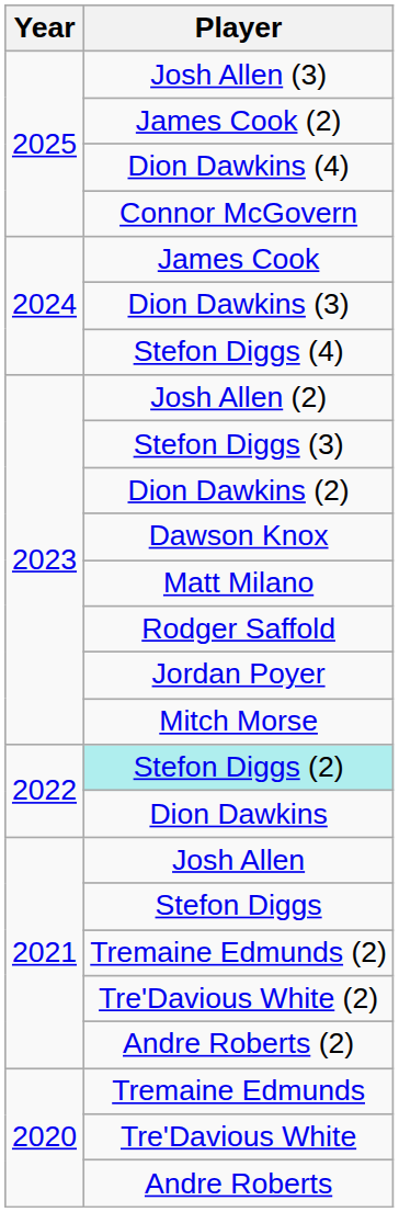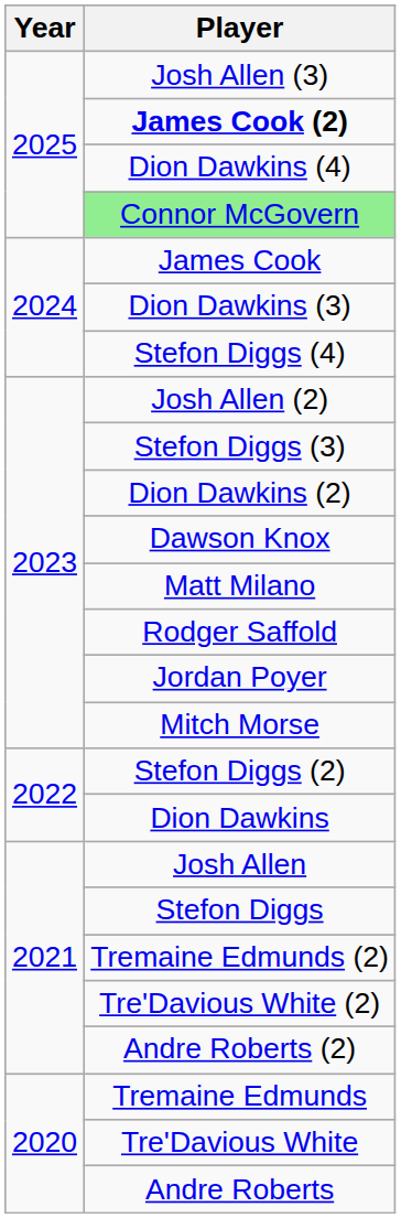 <table class="wikitable" style="text-align:center">
 <tr>
 <th>Year</th>
 <th>Player</th>
 </tr>
 <tr>
 <td rowspan="4"><a href='#'>2025</a></td>
 <td><a href='#'>Josh Allen</a> (3)</td>
 </tr>
 <tr>
-<td><a href='#'>James Cook</a> (2)</td>
+<td><strong><a href='#'>James Cook</a> (2)</strong></td>
 </tr>
 <tr>
 <td><a href='#'>Dion Dawkins</a> (4)</td>
 </tr>
 <tr>
-<td><a href='#'>Connor McGovern</a></td>
+<td style="background: lightgreen;"><a href='#'>Connor McGovern</a></td>
 </tr>
 <tr>
 <td rowspan="3"><a href='#'>2024</a></td>
 <td><a href='#'>James Cook</a><br></td>
 </tr>
 <tr>
 <td><a href='#'>Dion Dawkins</a> (3)</td>
 </tr>
 <tr>
 <td><a href='#'>Stefon Diggs</a> (4)</td>
 </tr>
 <tr>
 <td rowspan="8"><a href='#'>2023</a></td>
 <td><a href='#'>Josh Allen</a> (2)</td>
 </tr>
 <tr>
 <td><a href='#'>Stefon Diggs</a> (3)</td>
 </tr>
 <tr>
 <td><a href='#'>Dion Dawkins</a> (2)</td>
 </tr>
 <tr>
 <td><a href='#'>Dawson Knox</a></td>
 </tr>
 <tr>
 <td><a href='#'>Matt Milano</a></td>
 </tr>
 <tr>
 <td><a href='#'>Rodger Saffold</a></td>
 </tr>
 <tr>
 <td><a href='#'>Jordan Poyer</a></td>
 </tr>
 <tr>
 <td><a href='#'>Mitch Morse</a></td>
 </tr>
 <tr>
 <td rowspan="2"><a href='#'>2022</a></td>
-<td style="background: paleturquoise;"><a href='#'>Stefon Diggs</a> (2)</td>
+<td><a href='#'>Stefon Diggs</a> (2)</td>
 </tr>
 <tr>
 <td><a href='#'>Dion Dawkins</a></td>
 </tr>
 <tr>
 <td rowspan="5"><a href='#'>2021</a></td>
 <td><a href='#'>Josh Allen</a></td>
 </tr>
 <tr>
 <td><a href='#'>Stefon Diggs</a></td>
 </tr>
 <tr>
 <td><a href='#'>Tremaine Edmunds</a> (2)</td>
 </tr>
 <tr>
 <td><a href='#'>Tre'Davious White</a> (2)</td>
 </tr>
 <tr>
 <td><a href='#'>Andre Roberts</a> (2)</td>
 </tr>
 <tr>
 <td rowspan="3"><a href='#'>2020</a></td>
 <td><a href='#'>Tremaine Edmunds</a></td>
 </tr>
 <tr>
 <td><a href='#'>Tre'Davious White</a></td>
 </tr>
 <tr>
 <td><a href='#'>Andre Roberts</a></td>
 </tr>
 </table>
